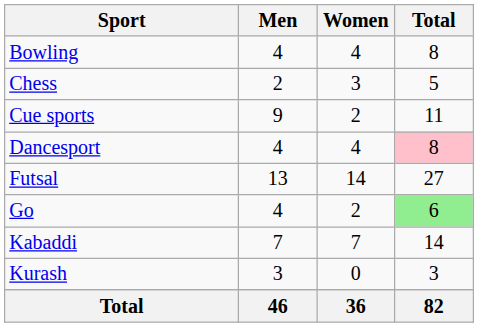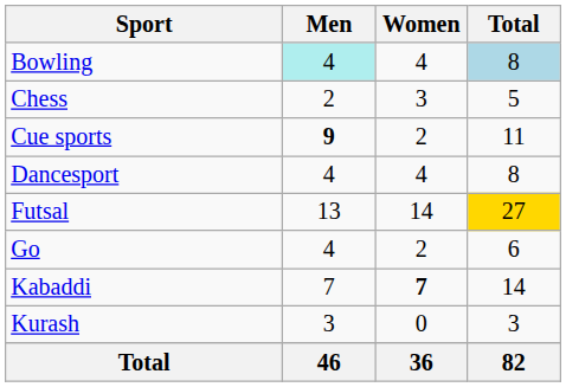 <table class="wikitable sortable" style="text-align:center;">
 <tr>
 <th width=180>Sport</th>
 <th width=55>Men</th>
 <th width=55>Women</th>
 <th width=55>Total</th>
 </tr>
 <tr>
 <td align=left><a href='#'>Bowling</a></td>
+<td style="background: paleturquoise;">4</td>
 <td>4</td>
-<td>4</td>
-<td>8</td>
+<td style="background: lightblue;">8</td>
 </tr>
 <tr>
 <td align=left><a href='#'>Chess</a></td>
 <td>2</td>
 <td>3</td>
 <td>5</td>
 </tr>
 <tr>
 <td align=left><a href='#'>Cue sports</a></td>
-<td>9</td>
+<td><strong>9</strong></td>
 <td>2</td>
 <td>11</td>
 </tr>
 <tr>
 <td align=left><a href='#'>Dancesport</a></td>
 <td>4</td>
 <td>4</td>
-<td style="background: pink;">8</td>
+<td>8</td>
 </tr>
 <tr>
 <td align=left><a href='#'>Futsal</a></td>
 <td>13</td>
 <td>14</td>
-<td>27</td>
+<td style="background: gold;">27</td>
 </tr>
 <tr>
 <td align=left><a href='#'>Go</a></td>
 <td>4</td>
 <td>2</td>
-<td style="background: lightgreen;">6</td>
+<td>6</td>
 </tr>
 <tr>
 <td align=left><a href='#'>Kabaddi</a></td>
 <td>7</td>
-<td>7</td>
+<td><strong>7</strong></td>
 <td>14</td>
 </tr>
 <tr>
 <td align=left><a href='#'>Kurash</a></td>
 <td>3</td>
 <td>0</td>
 <td>3</td>
 </tr>
 <tr>
 </tr>
 <tr class="sortbottom">
 <th>Total</th>
 <th>46</th>
 <th>36</th>
 <th>82</th>
 </tr>
 </table>
